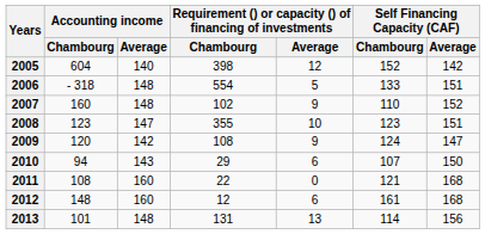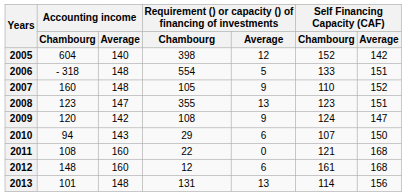 <table class="wikitable" style="margin: 1em auto 1em auto; text-align:center; align:center;">
 <tr style="background: #DDFFDD;">
 <th rowspan=2>Years</th>
 <th colspan=2>Accounting income</th>
 <th colspan=2>Requirement () or capacity () of<br>financing of investments</th>
 <th colspan=2>Self Financing<br>Capacity (CAF)</th>
 </tr>
 <tr style="background: #DDFFDD;">
 <th>Chambourg</th>
 <th>Average</th>
 <th>Chambourg</th>
 <th>Average</th>
 <th>Chambourg</th>
 <th>Average</th>
 </tr>
 <tr>
 <th scope="row">2005</th>
 <td>604</td>
 <td>140</td>
 <td> 398</td>
 <td> 12</td>
 <td>152</td>
 <td>142</td>
 </tr>
 <tr>
 <th scope="row">2006</th>
 <td>- 318</td>
 <td>148</td>
 <td> 554</td>
 <td> 5</td>
 <td>133</td>
 <td>151</td>
 </tr>
 <tr>
 <th scope="row">2007</th>
 <td>160</td>
 <td>148</td>
-<td> 102</td>
+<td> 105</td>
 <td> 9</td>
 <td>110</td>
 <td>152</td>
 </tr>
 <tr>
 <th scope="row">2008</th>
 <td>123</td>
 <td>147</td>
 <td> 355</td>
-<td> 10</td>
+<td> 13</td>
 <td>123</td>
 <td>151</td>
 </tr>
 <tr>
 <th scope="row">2009</th>
 <td>120</td>
 <td>142</td>
 <td> 108</td>
 <td> 9</td>
 <td>124</td>
 <td>147</td>
 </tr>
 <tr>
 <th scope="row">2010</th>
 <td>94</td>
 <td>143</td>
 <td> 29</td>
 <td> 6</td>
 <td>107</td>
 <td>150</td>
 </tr>
 <tr>
 <th scope="row">2011</th>
 <td>108</td>
 <td>160</td>
 <td> 22</td>
 <td> 0</td>
 <td>121</td>
 <td>168</td>
 </tr>
 <tr>
 <th scope="row">2012</th>
 <td>148</td>
 <td>160</td>
 <td> 12</td>
 <td> 6</td>
 <td>161</td>
 <td>168</td>
 </tr>
 <tr>
 <th scope="row">2013</th>
 <td>101</td>
 <td>148</td>
 <td> 131</td>
 <td> 13</td>
 <td>114</td>
 <td>156</td>
 </tr>
 </table>
